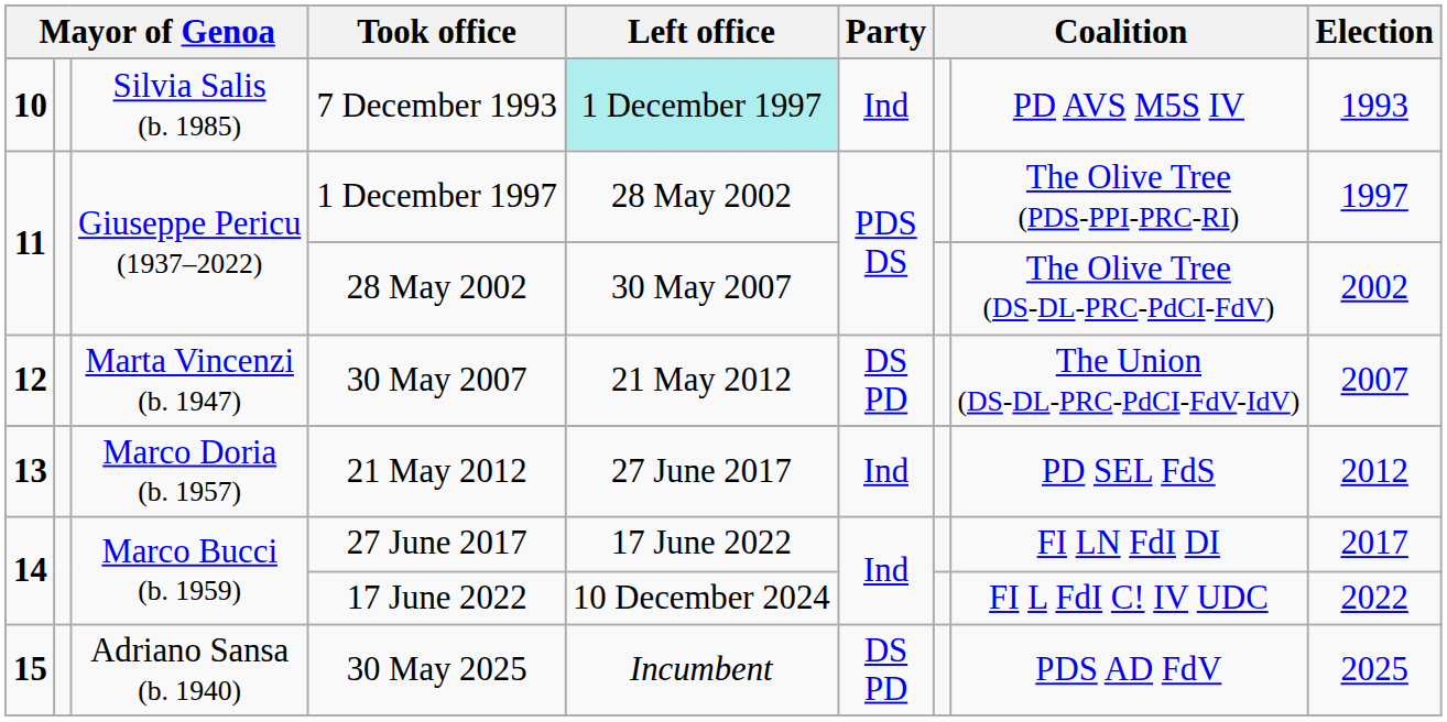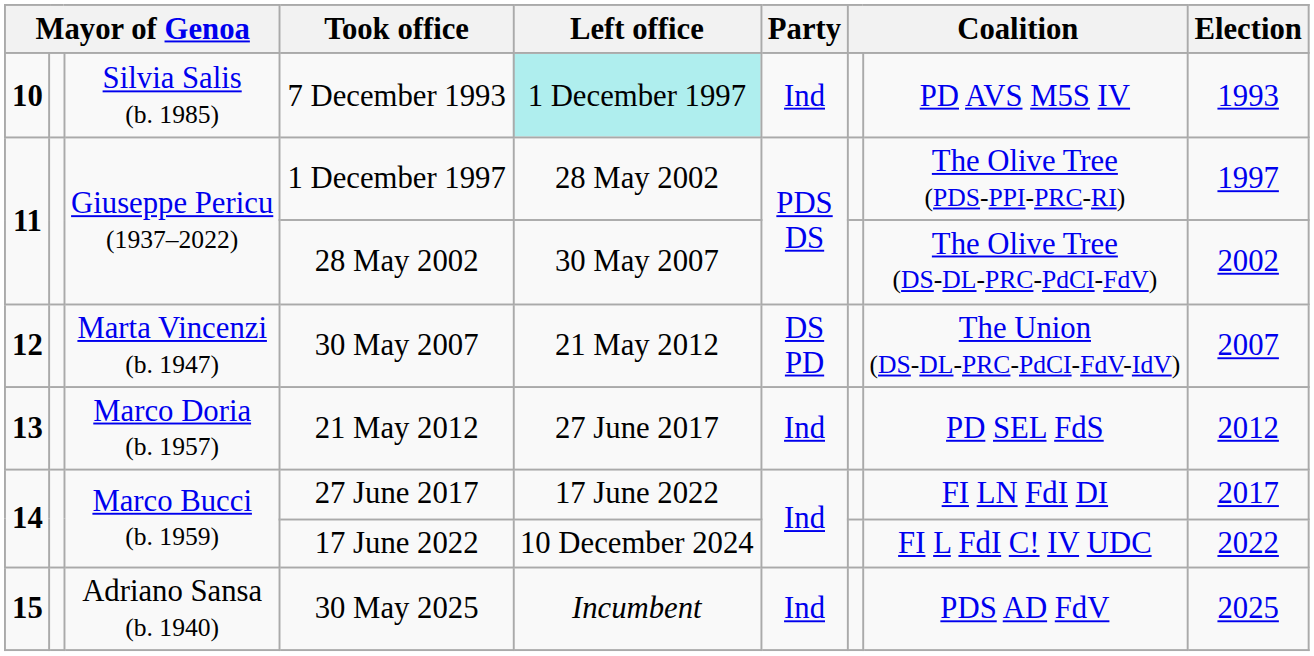 <table class="wikitable" style="text-align: center;">
 <tr>
 <th colspan="3">Mayor of <a href='#'>Genoa</a></th>
 <th>Took office</th>
 <th>Left office</th>
 <th>Party</th>
 <th colspan="2">Coalition</th>
 <th>Election</th>
 </tr>
 <tr>
 <td style="background: "><strong>10</strong></td>
 <td></td>
 <td><a href='#'>Silvia Salis</a><br><small>(b. 1985)</small></td>
 <td>7 December 1993</td>
 <td style="background: paleturquoise;">1 December 1997</td>
 <td><a href='#'>Ind</a></td>
 <td style="background: "></td>
 <td><a href='#'>PD</a>  <a href='#'>AVS</a>  <a href='#'>M5S</a>  <a href='#'>IV</a></td>
 <td><a href='#'>1993</a></td>
 </tr>
 <tr>
 <td rowspan="2" style="background: "><strong>11</strong></td>
 <td rowspan="2"></td>
 <td rowspan="2"><a href='#'>Giuseppe Pericu</a><br><small>(1937–2022)</small></td>
 <td>1 December 1997</td>
 <td>28 May 2002</td>
 <td rowspan="2"><a href='#'>PDS</a><br><a href='#'>DS</a></td>
 <td style="background: "></td>
 <td><a href='#'>The Olive Tree</a> <br><small>(<a href='#'>PDS</a>-<a href='#'>PPI</a>-<a href='#'>PRC</a>-<a href='#'>RI</a>)</small></td>
 <td><a href='#'>1997</a></td>
 </tr>
 <tr>
 <td>28 May 2002</td>
 <td>30 May 2007</td>
 <td style="background: "></td>
 <td><a href='#'>The Olive Tree</a> <br><small>(<a href='#'>DS</a>-<a href='#'>DL</a>-<a href='#'>PRC</a>-<a href='#'>PdCI</a>-<a href='#'>FdV</a>)</small></td>
 <td><a href='#'>2002</a></td>
 </tr>
 <tr>
 <td style="background: "><strong>12</strong></td>
 <td></td>
 <td><a href='#'>Marta Vincenzi</a><br><small>(b. 1947)</small></td>
 <td>30 May 2007</td>
 <td>21 May 2012</td>
 <td><a href='#'>DS</a><br><a href='#'>PD</a></td>
 <td style="background: "></td>
 <td><a href='#'>The Union</a> <br><small>(<a href='#'>DS</a>-<a href='#'>DL</a>-<a href='#'>PRC</a>-<a href='#'>PdCI</a>-<a href='#'>FdV</a>-<a href='#'>IdV</a>)</small></td>
 <td><a href='#'>2007</a></td>
 </tr>
 <tr>
 <td style="background: "><strong>13</strong></td>
 <td></td>
 <td><a href='#'>Marco Doria</a><br><small>(b. 1957)</small></td>
 <td>21 May 2012</td>
 <td>27 June 2017</td>
 <td><a href='#'>Ind</a></td>
 <td style="background: "></td>
 <td><a href='#'>PD</a>  <a href='#'>SEL</a>  <a href='#'>FdS</a></td>
 <td><a href='#'>2012</a></td>
 </tr>
 <tr>
 <td rowspan=2 style="background: "><strong>14</strong></td>
 <td rowspan=2></td>
 <td rowspan=2><a href='#'>Marco Bucci</a><br><small>(b. 1959)</small></td>
 <td>27 June 2017</td>
 <td>17 June 2022</td>
 <td rowspan=2><a href='#'>Ind</a></td>
 <td style="background: "></td>
 <td><a href='#'>FI</a>  <a href='#'>LN</a>  <a href='#'>FdI</a>  <a href='#'>DI</a></td>
 <td><a href='#'>2017</a></td>
 </tr>
 <tr>
 <td>17 June 2022</td>
 <td>10 December 2024</td>
 <td style="background: "></td>
 <td><a href='#'>FI</a>  <a href='#'>L</a>  <a href='#'>FdI</a>  <a href='#'>C!</a>  <a href='#'>IV</a>  <a href='#'>UDC</a></td>
 <td><a href='#'>2022</a></td>
 </tr>
 <tr>
 <td style="background: "><strong>15</strong></td>
 <td></td>
 <td>Adriano Sansa<br><small>(b. 1940)</small></td>
 <td>30 May 2025</td>
 <td><em>Incumbent</em></td>
-<td><a href='#'>DS</a><br><a href='#'>PD</a></td>
+<td><a href='#'>Ind</a></td>
 <td style="background: "></td>
 <td><a href='#'>PDS</a>  <a href='#'>AD</a>  <a href='#'>FdV</a></td>
 <td><a href='#'>2025</a></td>
 </tr>
 </table>
